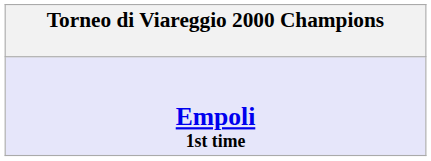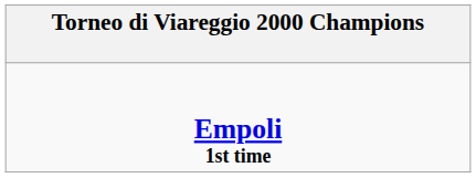 <table class="wikitable" style="margin: 0 auto; width: 30%;">
 <tr>
 <th><big>Torneo di Viareggio 2000 Champions</big><br><br></th>
 </tr>
 <tr>
-<td align=center style="background: lavender;"><br><br><big><big><strong><a href='#'>Empoli</a></strong><br></big></big><strong>1st time</strong></td>
+<td align=center><br><br><big><big><strong><a href='#'>Empoli</a></strong><br></big></big><strong>1st time</strong></td>
 </tr>
 </table>
